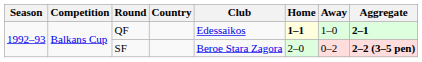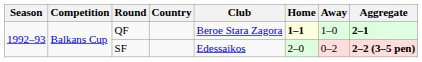 <table class="wikitable">
 <tr>
 <th>Season</th>
 <th>Competition</th>
 <th>Round</th>
 <th>Country</th>
 <th>Club</th>
 <th>Home</th>
 <th>Away</th>
 <th>Aggregate</th>
 </tr>
 <tr>
 <td rowspan=2><a href='#'>1992–93</a></td>
 <td rowspan=2><a href='#'>Balkans Cup</a></td>
 <td>QF</td>
 <td></td>
-<td><a href='#'>Edessaikos</a></td>
+<td><a href='#'>Beroe Stara Zagora</a></td>
 <td bgcolor="#FFFFDD" style="text"><strong>1–1</strong></td>
 <td bgcolor="#DDFFDD" style="text">1–0</td>
 <td bgcolor="#DDFFDD" style="text"><strong>2–1</strong> </td>
 </tr>
 <tr>
 <td>SF</td>
 <td></td>
-<td><a href='#'>Beroe Stara Zagora</a></td>
+<td><a href='#'>Edessaikos</a></td>
 <td bgcolor="#DDFFDD" style="text">2–0</td>
 <td bgcolor="#FFDDDD" style="text">0–2</td>
 <td bgcolor="#FFDDDD" style="text"><strong>2–2 (3–5 pen)</strong></td>
 </tr>
 </table>
